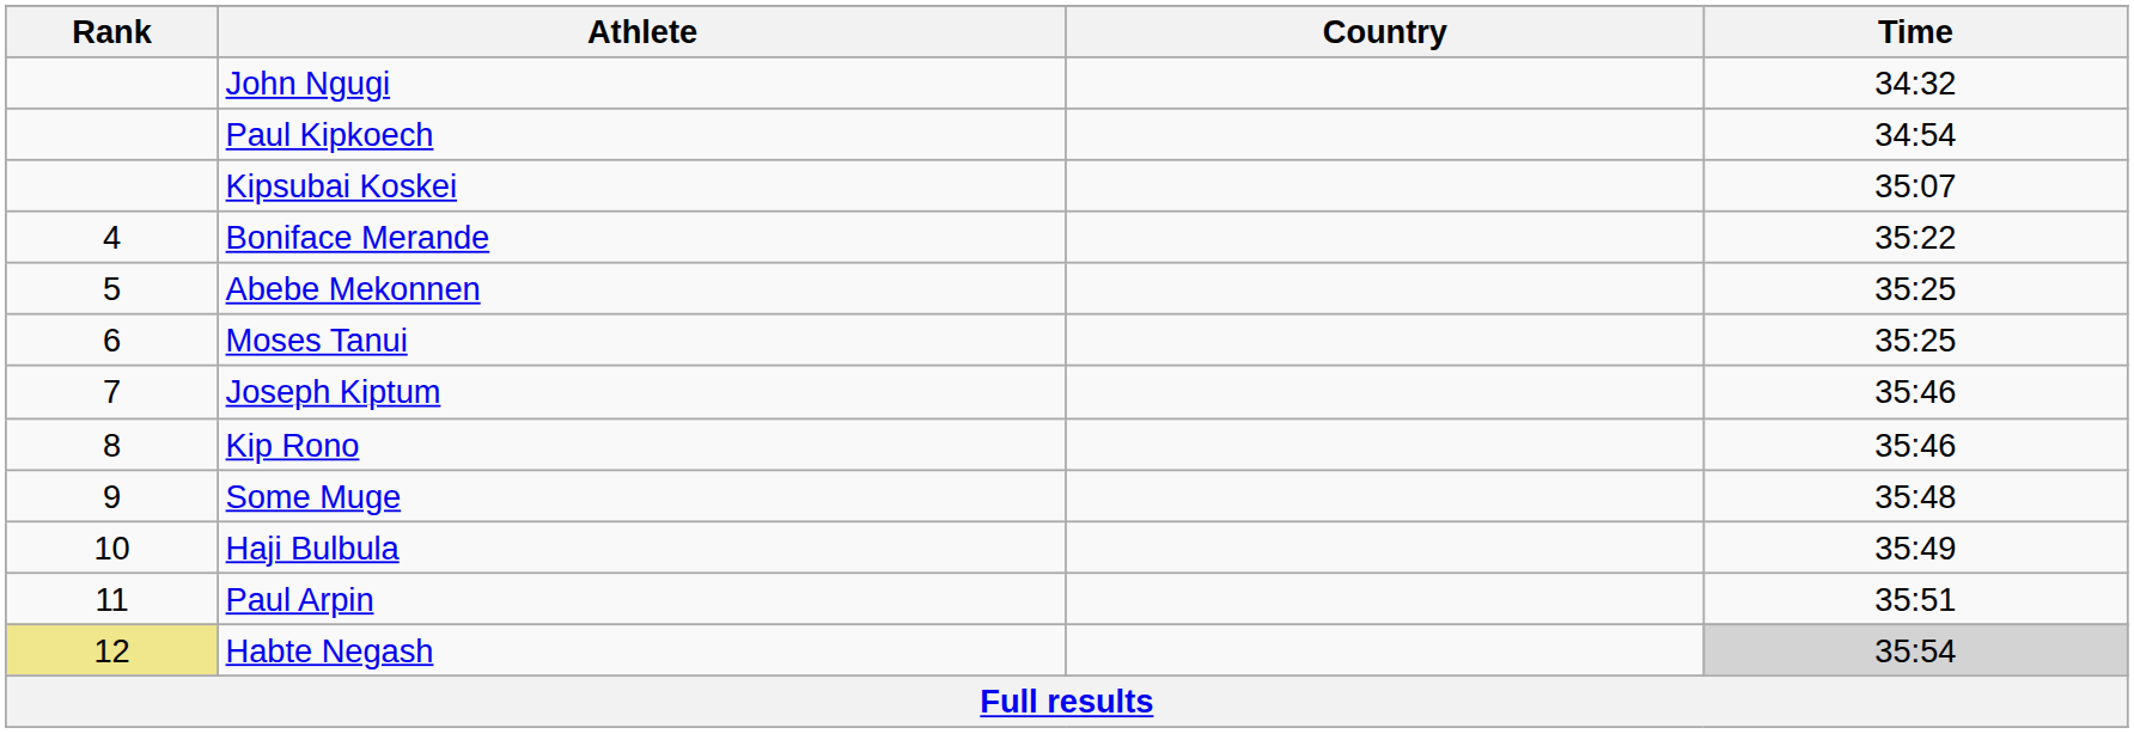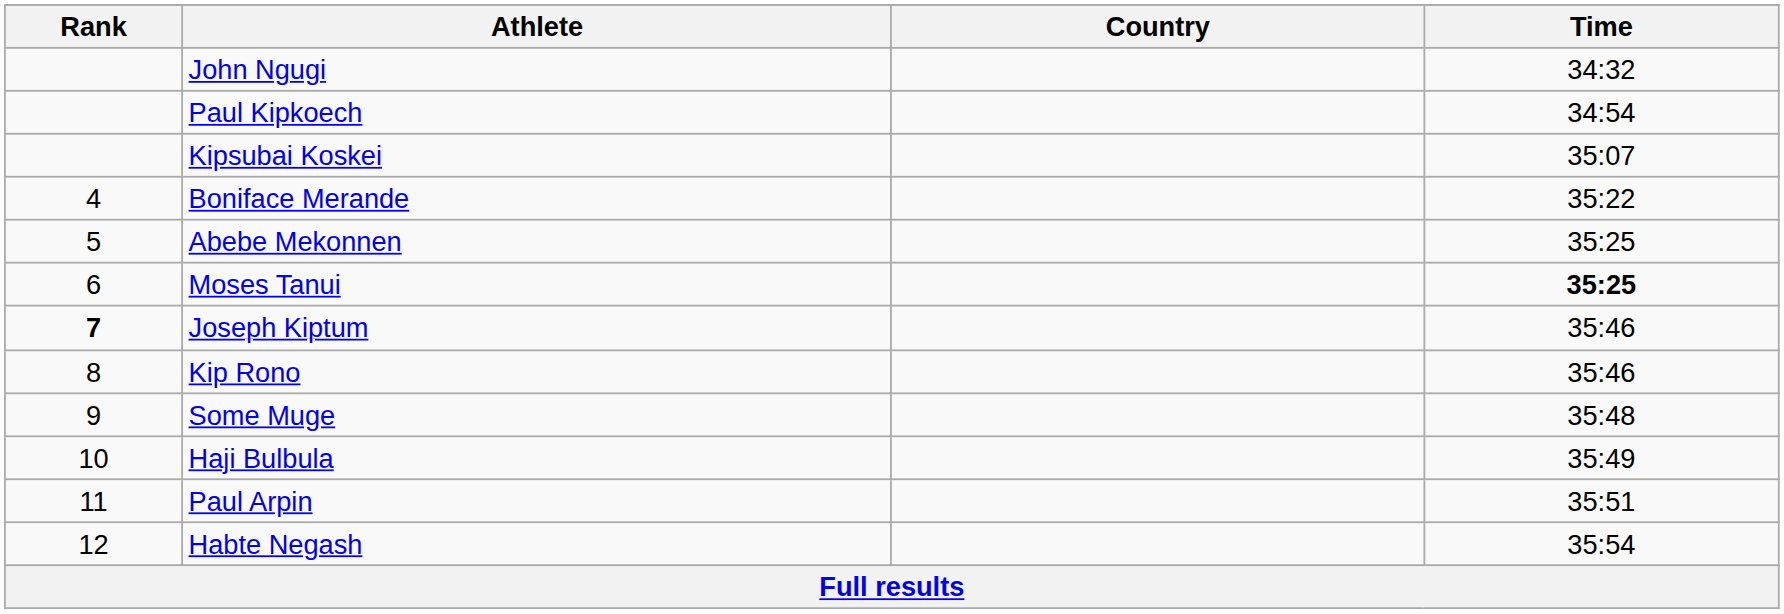 <table class="wikitable sortable" style=" text-align:center; font-size:95%;" width="50%">
 <tr>
 </tr>
 <tr>
 <th width=5%>Rank</th>
 <th width=20%>Athlete</th>
 <th width=15%>Country</th>
 <th width=10%>Time</th>
 </tr>
 <tr>
 <td align=center></td>
 <td align=left><a href='#'>John Ngugi</a></td>
 <td align=left></td>
 <td>34:32</td>
 </tr>
 <tr>
 <td align=center></td>
 <td align=left><a href='#'>Paul Kipkoech</a></td>
 <td align=left></td>
 <td>34:54</td>
 </tr>
 <tr>
 <td align=center></td>
 <td align=left><a href='#'>Kipsubai Koskei</a></td>
 <td align=left></td>
 <td>35:07</td>
 </tr>
 <tr>
 <td align=center>4</td>
 <td align=left><a href='#'>Boniface Merande</a></td>
 <td align=left></td>
 <td>35:22</td>
 </tr>
 <tr>
 <td align=center>5</td>
 <td align=left><a href='#'>Abebe Mekonnen</a></td>
 <td align=left></td>
 <td>35:25</td>
 </tr>
 <tr>
 <td align=center>6</td>
 <td align=left><a href='#'>Moses Tanui</a></td>
 <td align=left></td>
-<td>35:25</td>
+<td><strong>35:25</strong></td>
 </tr>
 <tr>
-<td align=center>7</td>
+<td align=center><strong>7</strong></td>
 <td align=left><a href='#'>Joseph Kiptum</a></td>
 <td align=left></td>
 <td>35:46</td>
 </tr>
 <tr>
 <td align=center>8</td>
 <td align=left><a href='#'>Kip Rono</a></td>
 <td align=left></td>
 <td>35:46</td>
 </tr>
 <tr>
 <td align=center>9</td>
 <td align=left><a href='#'>Some Muge</a></td>
 <td align=left></td>
 <td>35:48</td>
 </tr>
 <tr>
 <td align=center>10</td>
 <td align=left><a href='#'>Haji Bulbula</a></td>
 <td align=left></td>
 <td>35:49</td>
 </tr>
 <tr>
 <td align=center>11</td>
 <td align=left><a href='#'>Paul Arpin</a></td>
 <td align=left></td>
 <td>35:51</td>
 </tr>
 <tr>
-<td align=center style="background: khaki;">12</td>
+<td align=center>12</td>
 <td align=left><a href='#'>Habte Negash</a></td>
 <td align=left></td>
-<td style="background: lightgrey;">35:54</td>
+<td>35:54</td>
 </tr>
 <tr class="sortbottom">
 <th colspan=4 align=center><a href='#'>Full results</a></th>
 </tr>
 </table>
